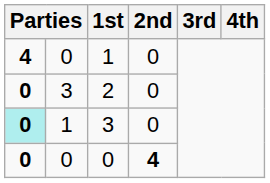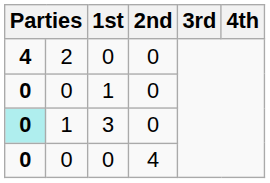 <table class="wikitable" style="text-align:center;">
 <tr>
 <th colspan=2 style="text-align:left;">Parties</th>
 <th>1st</th>
 <th>2nd</th>
 <th>3rd</th>
 <th>4th</th>
 </tr>
 <tr>
 <td><strong>4</strong></td>
+<td>2</td>
 <td>0</td>
-<td>1</td>
 <td>0</td>
 </tr>
 <tr>
 <td><strong>0</strong></td>
-<td>3</td>
-<td>2</td>
+<td>0</td>
+<td>1</td>
 <td>0</td>
 </tr>
 <tr>
 <td style="background: paleturquoise;"><strong>0</strong></td>
 <td>1</td>
 <td>3</td>
 <td>0</td>
 </tr>
 <tr>
 <td><strong>0</strong></td>
 <td>0</td>
 <td>0</td>
-<td><strong>4</strong></td>
+<td>4</td>
 </tr>
 </table>
